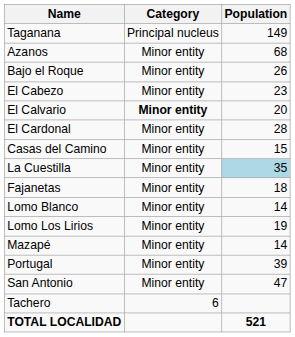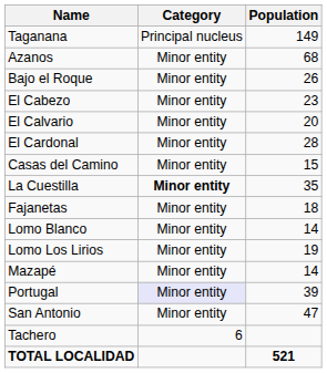 <table class="wikitable">
 <tr>
 <th>Name</th>
 <th>Category</th>
 <th>Population</th>
 </tr>
 <tr>
 <td>Taganana</td>
 <td align="center">Principal nucleus</td>
 <td align="right">149</td>
 </tr>
 <tr>
 <td>Azanos</td>
 <td align="center">Minor entity</td>
 <td align="right">68</td>
 </tr>
 <tr>
 <td>Bajo el Roque</td>
 <td align="center">Minor entity</td>
 <td align="right">26</td>
 </tr>
 <tr>
 <td>El Cabezo</td>
 <td align="center">Minor entity</td>
 <td align="right">23</td>
 </tr>
 <tr>
 <td>El Calvario</td>
-<td align="center"><strong>Minor entity</strong></td>
+<td align="center">Minor entity</td>
 <td align="right">20</td>
 </tr>
 <tr>
 <td>El Cardonal</td>
 <td align="center">Minor entity</td>
 <td align="right">28</td>
 </tr>
 <tr>
 <td>Casas del Camino</td>
 <td align="center">Minor entity</td>
 <td align="right">15</td>
 </tr>
 <tr>
 <td>La Cuestilla</td>
-<td align="center">Minor entity</td>
-<td align="right" style="background: lightblue;">35</td>
+<td align="center"><strong>Minor entity</strong></td>
+<td align="right">35</td>
 </tr>
 <tr>
 <td>Fajanetas</td>
 <td align="center">Minor entity</td>
 <td align="right">18</td>
 </tr>
 <tr>
 <td>Lomo Blanco</td>
 <td align="center">Minor entity</td>
 <td align="right">14</td>
 </tr>
 <tr>
 <td>Lomo Los Lirios</td>
 <td align="center">Minor entity</td>
 <td align="right">19</td>
 </tr>
 <tr>
 <td>Mazapé</td>
 <td align="center">Minor entity</td>
 <td align="right">14</td>
 </tr>
 <tr>
 <td>Portugal</td>
-<td align="center">Minor entity</td>
+<td align="center" style="background: lavender;">Minor entity</td>
 <td align="right">39</td>
 </tr>
 <tr>
 <td>San Antonio</td>
 <td align="center">Minor entity</td>
 <td align="right">47</td>
 </tr>
 <tr>
 <td>Tachero</td>
 <td align="right">6</td>
 </tr>
 <tr>
 <td align="center"><strong>TOTAL LOCALIDAD</strong></td>
 <td align="left"></td>
 <td align="center"><strong>521</strong></td>
 </tr>
 </table>
